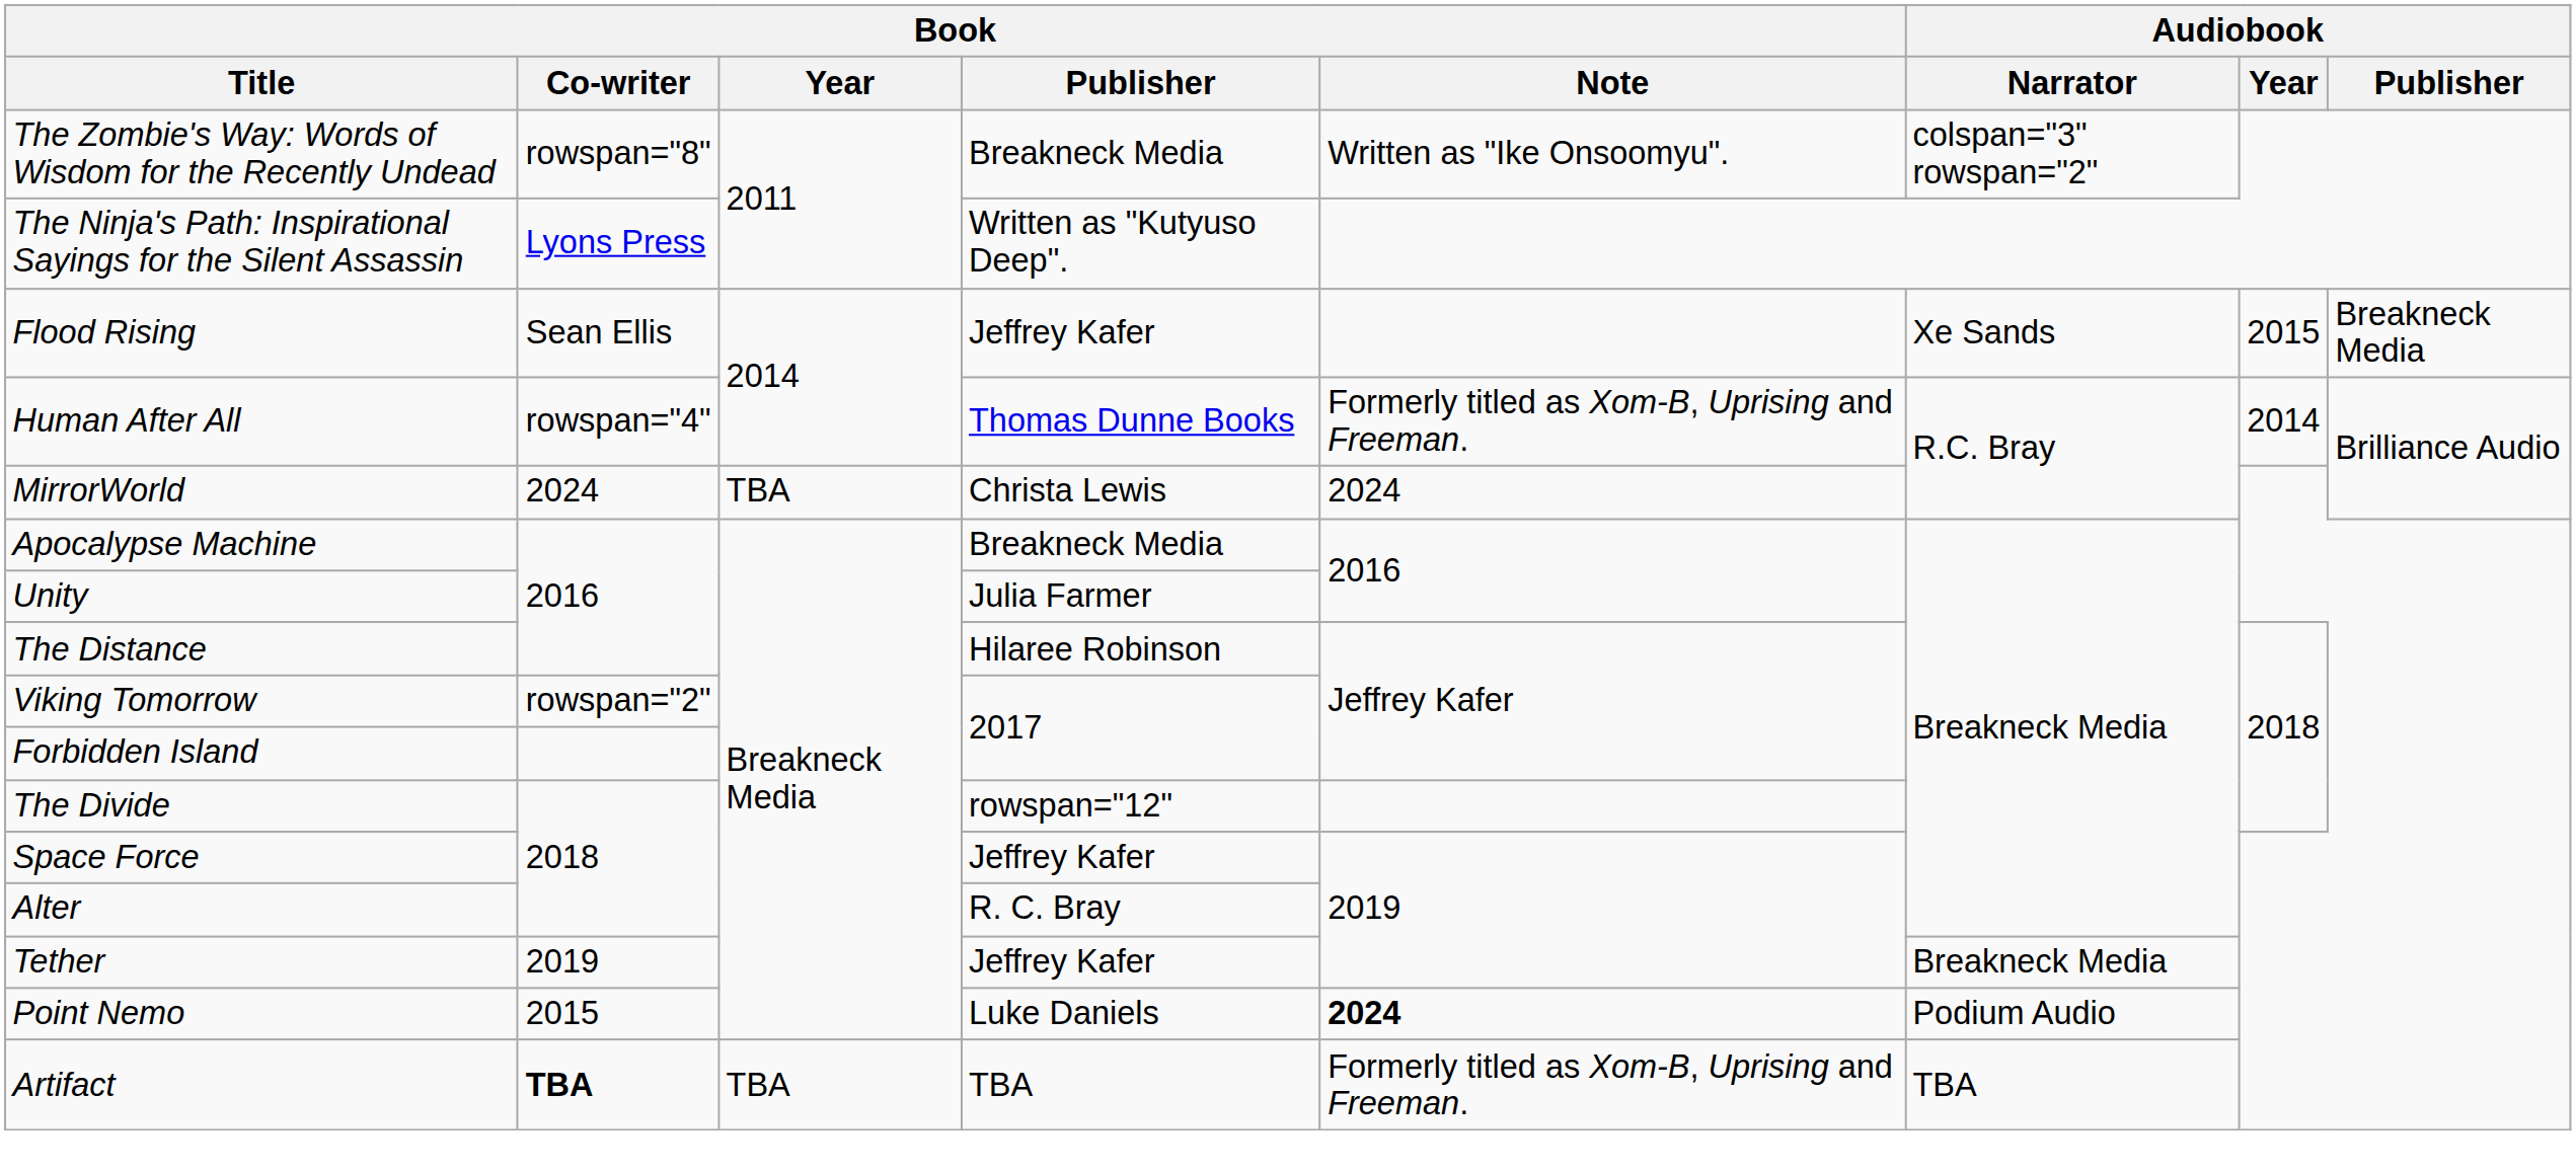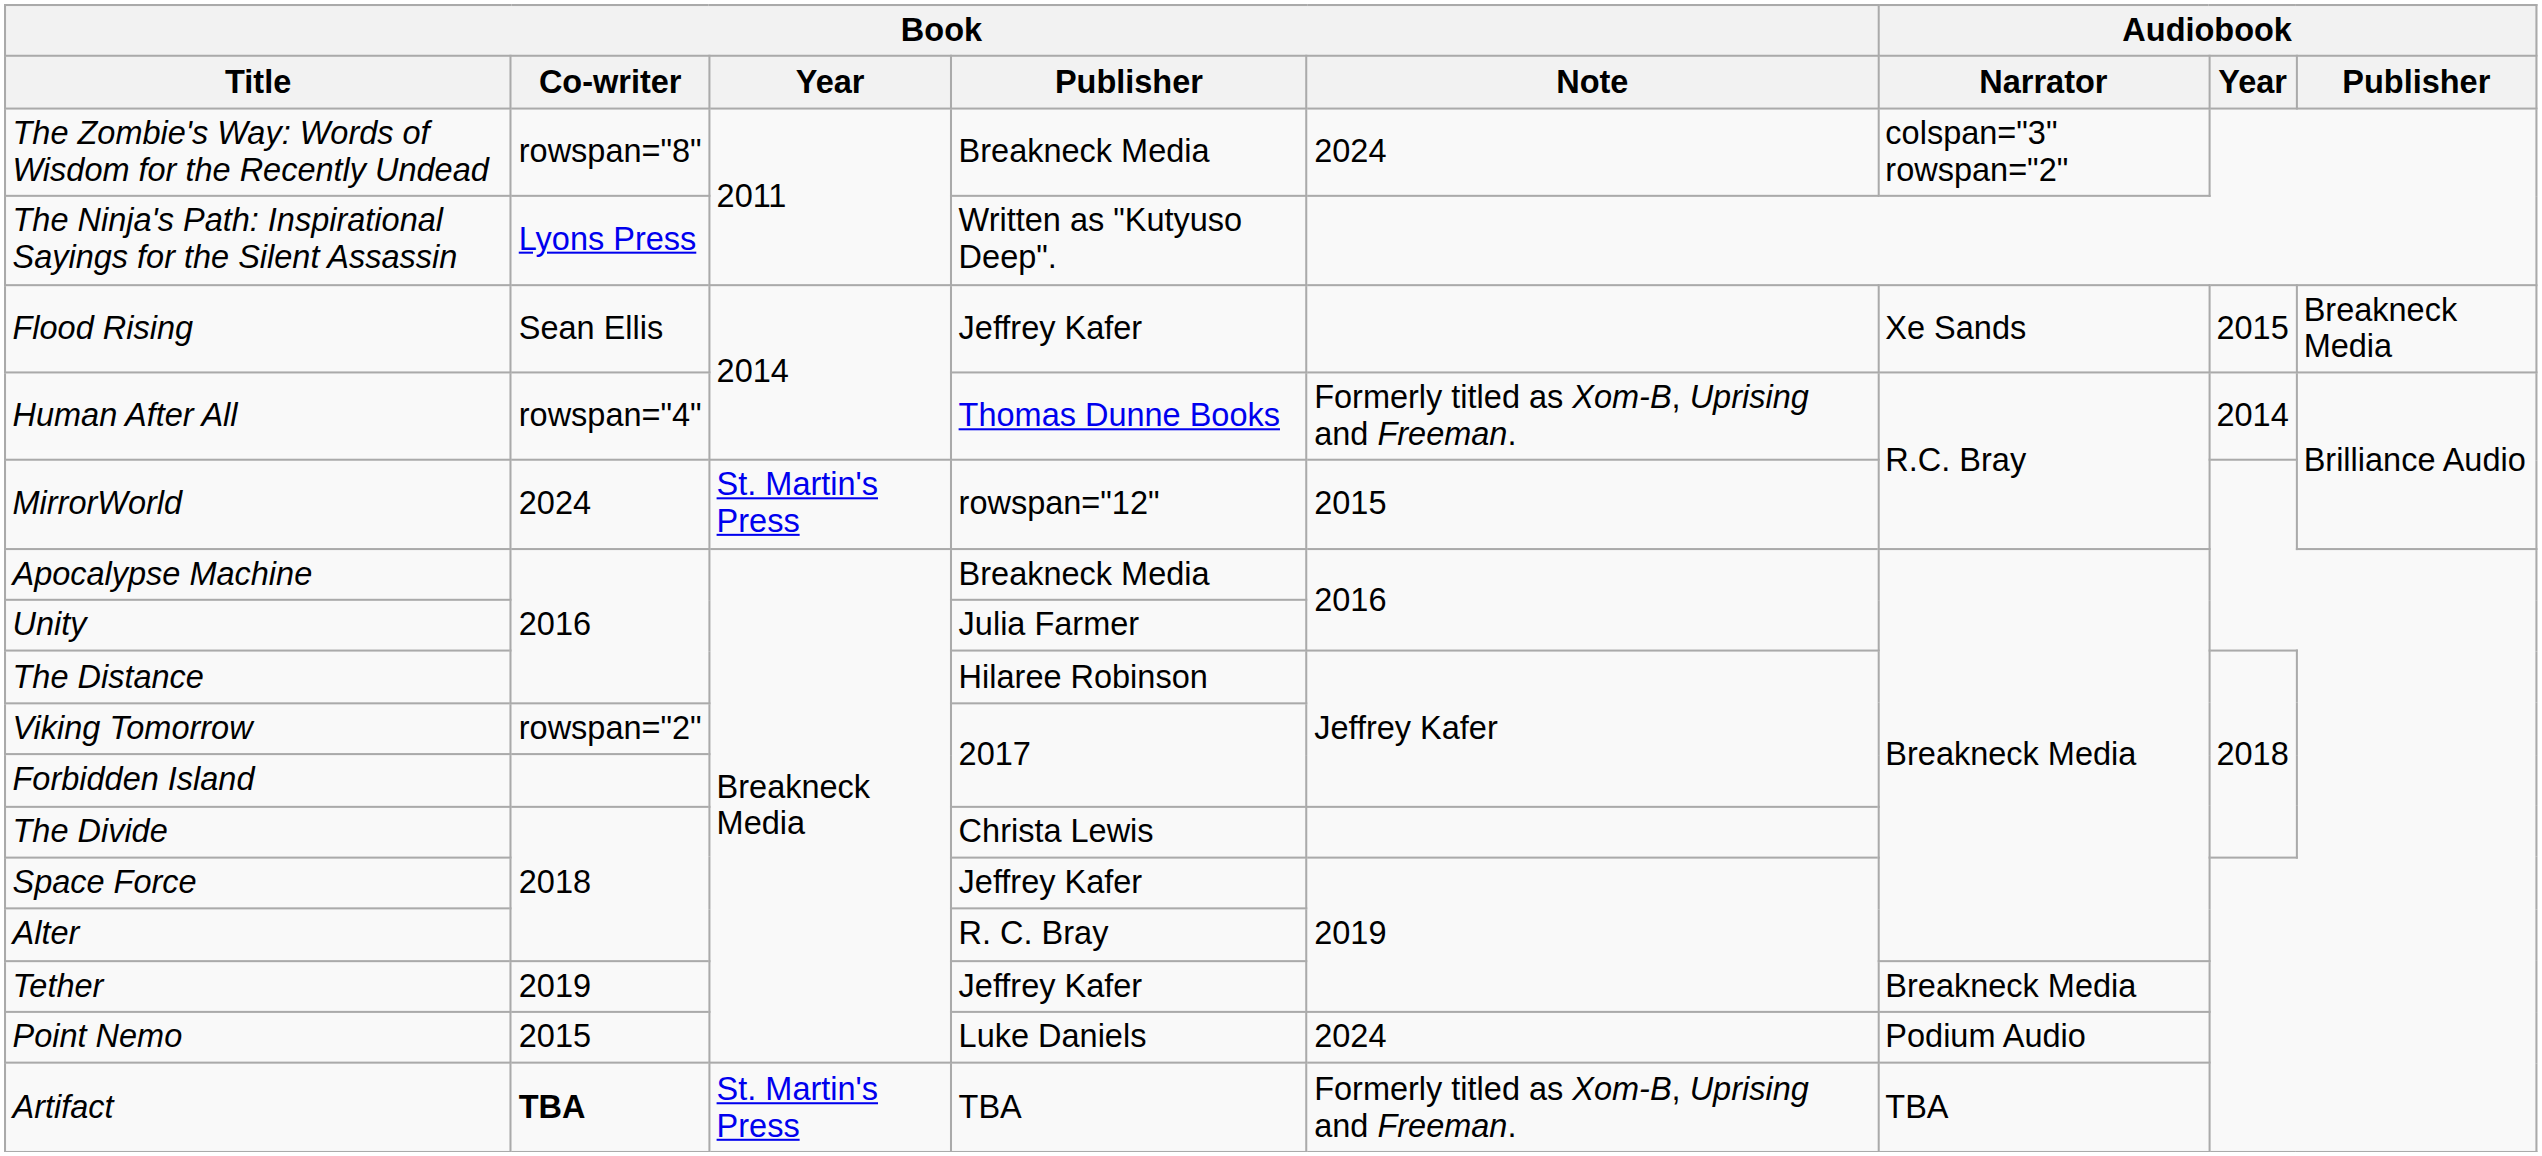 <table class="wikitable">
 <tr>
 <th colspan="5">Book</th>
 <th colspan="3">Audiobook</th>
 </tr>
 <tr>
 <th scope="col" width="20%">Title</th>
 <th>Co-writer</th>
 <th>Year</th>
 <th>Publisher</th>
 <th>Note</th>
 <th>Narrator</th>
 <th>Year</th>
 <th>Publisher</th>
 </tr>
 <tr>
 <td><em>The Zombie's Way: Words of Wisdom for the Recently Undead</em></td>
 <td>rowspan="8" </td>
 <td rowspan="2">2011</td>
 <td>Breakneck Media</td>
-<td>Written as "Ike Onsoomyu".</td>
+<td>2024</td>
 <td>colspan="3" rowspan="2" </td>
 </tr>
 <tr>
 <td><em>The Ninja's Path: Inspirational Sayings for the Silent Assassin</em></td>
 <td><a href='#'>Lyons Press</a></td>
 <td>Written as "Kutyuso Deep".</td>
 </tr>
 <tr>
 <td><em>Flood Rising</em></td>
 <td>Sean Ellis</td>
 <td rowspan="2">2014</td>
 <td>Jeffrey Kafer</td>
 <td></td>
 <td>Xe Sands</td>
 <td>2015</td>
 <td>Breakneck Media</td>
 </tr>
 <tr>
 <td><em>Human After All</em></td>
 <td>rowspan="4" </td>
 <td><a href='#'>Thomas Dunne Books</a></td>
 <td>Formerly titled as <em>Xom-B</em>, <em>Uprising</em> and <em>Freeman</em>.</td>
 <td rowspan="2">R.C. Bray</td>
 <td>2014</td>
 <td rowspan="2">Brilliance Audio</td>
 </tr>
 <tr>
 <td><em>MirrorWorld</em></td>
 <td>2024</td>
-<td>TBA</td>
-<td>Christa Lewis</td>
-<td>2024</td>
+<td><a href='#'>St. Martin's Press</a></td>
+<td>rowspan="12" </td>
+<td>2015</td>
 </tr>
 <tr>
 <td><em>Apocalypse Machine</em></td>
 <td rowspan="3">2016</td>
 <td rowspan="10">Breakneck Media</td>
 <td>Breakneck Media</td>
 <td rowspan="2">2016</td>
 <td rowspan="8">Breakneck Media</td>
 </tr>
 <tr>
 <td><em>Unity</em></td>
 <td>Julia Farmer</td>
 </tr>
 <tr>
 <td><em>The Distance</em></td>
 <td>Hilaree Robinson</td>
 <td rowspan="3">Jeffrey Kafer</td>
 <td rowspan="4">2018</td>
 </tr>
 <tr>
 <td><em>Viking Tomorrow</em></td>
 <td>rowspan="2" </td>
 <td rowspan="2">2017</td>
 </tr>
 <tr>
 <td><em>Forbidden Island</em></td>
 </tr>
 <tr>
 <td><em>The Divide</em></td>
 <td rowspan="3">2018</td>
-<td>rowspan="12" </td>
+<td>Christa Lewis</td>
 </tr>
 <tr>
 <td><em>Space Force</em></td>
 <td>Jeffrey Kafer</td>
 <td rowspan="3">2019</td>
 </tr>
 <tr>
 <td><em>Alter</em></td>
 <td>R. C. Bray</td>
 </tr>
 <tr>
 <td><em>Tether</em></td>
 <td>2019</td>
 <td>Jeffrey Kafer</td>
 <td>Breakneck Media</td>
 </tr>
 <tr>
 <td><em>Point Nemo</em></td>
 <td>2015</td>
 <td>Luke Daniels</td>
-<td><strong>2024</strong></td>
+<td>2024</td>
 <td>Podium Audio</td>
 </tr>
 <tr>
 <td><em>Artifact</em></td>
 <td><strong>TBA</strong></td>
-<td>TBA</td>
+<td><a href='#'>St. Martin's Press</a></td>
 <td>TBA</td>
 <td>Formerly titled as <em>Xom-B</em>, <em>Uprising</em> and <em>Freeman</em>.</td>
 <td>TBA</td>
 </tr>
 </table>
